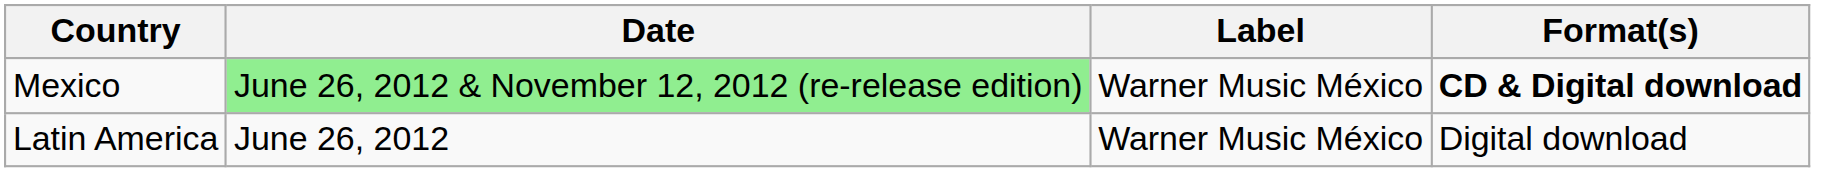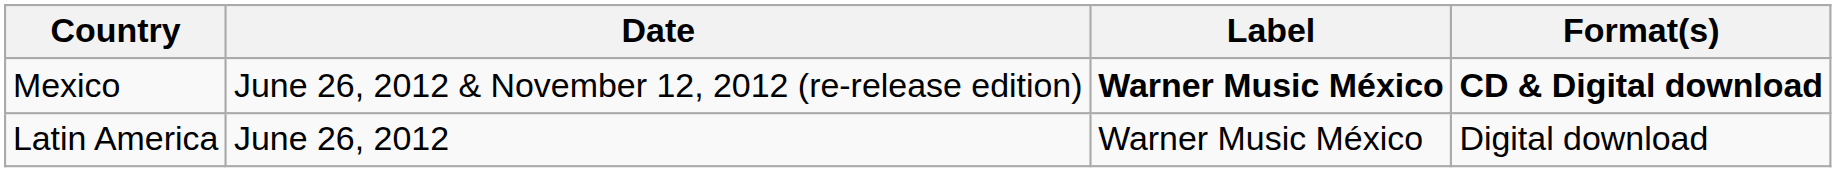 <table class="wikitable">
 <tr>
 <th>Country</th>
 <th>Date</th>
 <th>Label</th>
 <th>Format(s)</th>
 </tr>
 <tr>
 <td>Mexico</td>
-<td style="background: lightgreen;">June 26, 2012 & November 12, 2012 (re-release edition)</td>
-<td>Warner Music México</td>
+<td>June 26, 2012 & November 12, 2012 (re-release edition)</td>
+<td><strong>Warner Music México</strong></td>
 <td><strong>CD & Digital download</strong></td>
 </tr>
 <tr>
 <td>Latin America</td>
 <td rowspan="2">June 26, 2012</td>
 <td rowspan="2">Warner Music México</td>
 <td rowspan="2">Digital download</td>
 </tr>
 </table>
